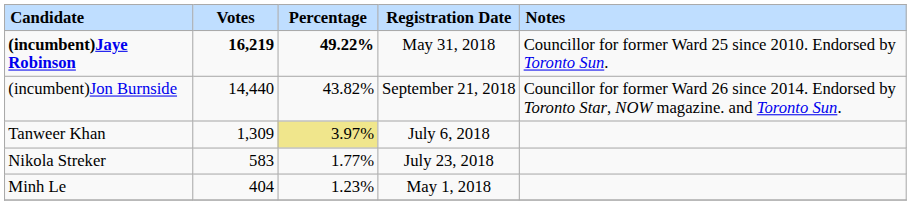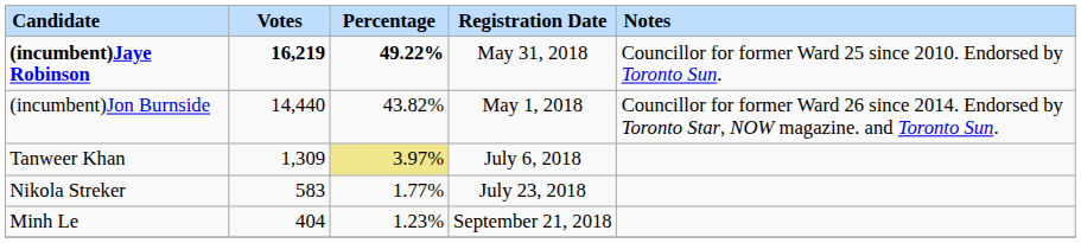 <table class="sortable wikitable">
 <tr>
 <th scope="col" style="background-color:#bfdeff;width:200px;text-align:left;padding-left:5px;">Candidate</th>
 <th scope="col" style="background-color:#bfdeff;width:88px;">Votes</th>
 <th scope="col" style="background-color:#bfdeff;width:95px;">Percentage</th>
 <th scope="col" style="background-color:#bfdeff;width:150px;">Registration Date</th>
 <th scope="col" style="background-color:#bfdeff;width:500px;text-align:left;padding-left:5px;">Notes</th>
 </tr>
 <tr>
 <td valign="top"><strong>(incumbent)<a href='#'>Jaye Robinson</a></strong></td>
 <td valign="top" align="right"><strong>16,219</strong></td>
 <td valign="top" align="right"><strong>49.22%</strong></td>
 <td valign="top" align="center">May 31, 2018</td>
 <td>Councillor for former Ward 25 since 2010. Endorsed by <em><a href='#'>Toronto Sun</a></em>.</td>
 </tr>
 <tr>
 <td valign="top">(incumbent)<a href='#'>Jon Burnside</a></td>
 <td valign="top" align="right">14,440</td>
 <td valign="top" align="right">43.82%</td>
-<td valign="top" align="center">September 21, 2018</td>
+<td valign="top" align="center">May 1, 2018</td>
 <td>Councillor for former Ward 26 since 2014. Endorsed by <em>Toronto Star</em>, <em>NOW</em> magazine. and <em><a href='#'>Toronto Sun</a></em>.</td>
 </tr>
 <tr>
 <td valign="top">Tanweer Khan</td>
 <td valign="top" align="right">1,309</td>
 <td valign="top" align="right" style="background: khaki;">3.97%</td>
 <td valign="top" align="center">July 6, 2018</td>
 <td></td>
 </tr>
 <tr>
 <td valign="top">Nikola Streker</td>
 <td valign="top" align="right">583</td>
 <td valign="top" align="right">1.77%</td>
 <td valign="top" align="center">July 23, 2018</td>
 <td></td>
 </tr>
 <tr>
 <td valign="top">Minh Le</td>
 <td valign="top" align="right">404</td>
 <td valign="top" align="right">1.23%</td>
-<td valign="top" align="center">May 1, 2018</td>
+<td valign="top" align="center">September 21, 2018</td>
 <td></td>
 </tr>
 <tr>
 </tr>
 </table>
